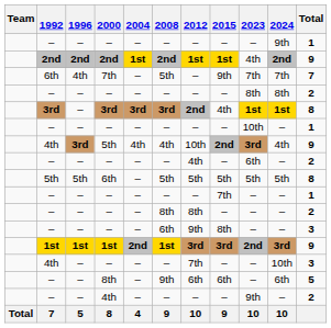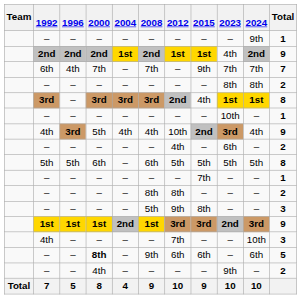 <table class="wikitable" style="text-align:center">
 <tr>
 <th>Team</th>
 <th><br><a href='#'>1992</a></th>
 <th><br><a href='#'>1996</a></th>
 <th><br><a href='#'>2000</a></th>
 <th><br><a href='#'>2004</a></th>
 <th><br><a href='#'>2008</a></th>
 <th><br><a href='#'>2012</a></th>
 <th><br><a href='#'>2015</a></th>
 <th><br><a href='#'>2023</a></th>
 <th><br><a href='#'>2024</a></th>
 <th>Total</th>
 </tr>
 <tr>
 <td align=left></td>
 <td>–</td>
 <td>–</td>
 <td>–</td>
 <td>–</td>
 <td>–</td>
 <td>–</td>
 <td>–</td>
 <td>–</td>
 <td>9th</td>
 <td><strong>1</strong></td>
 </tr>
 <tr>
 <td align=left></td>
 <td bgcolor=silver><strong>2nd</strong></td>
 <td bgcolor=silver><strong>2nd</strong></td>
 <td bgcolor=silver><strong>2nd</strong></td>
 <td bgcolor=gold><strong>1st</strong></td>
 <td bgcolor=silver><strong>2nd</strong></td>
 <td bgcolor=gold><strong>1st</strong></td>
 <td bgcolor=gold><strong>1st</strong></td>
 <td>4th</td>
 <td bgcolor=silver><strong>2nd</strong></td>
 <td><strong>9</strong></td>
 </tr>
 <tr>
 <td align=left></td>
 <td>6th</td>
 <td>4th</td>
 <td>7th</td>
 <td>–</td>
-<td>5th</td>
+<td>7th</td>
 <td>–</td>
 <td>9th</td>
 <td>7th</td>
 <td>7th</td>
 <td><strong>7</strong></td>
 </tr>
 <tr>
 <td align=left></td>
 <td>–</td>
 <td>–</td>
 <td>–</td>
 <td>–</td>
 <td>–</td>
 <td>–</td>
 <td>–</td>
 <td>8th</td>
 <td>8th</td>
 <td><strong>2</strong></td>
 </tr>
 <tr>
 <td align=left></td>
 <td bgcolor=cc9966><strong>3rd</strong></td>
 <td>–</td>
 <td bgcolor=cc9966><strong>3rd</strong></td>
 <td bgcolor=cc9966><strong>3rd</strong></td>
 <td bgcolor=cc9966><strong>3rd</strong></td>
 <td bgcolor=silver><strong>2nd</strong></td>
 <td>4th</td>
 <td bgcolor=gold><strong>1st</strong></td>
 <td bgcolor=gold><strong>1st</strong></td>
 <td><strong>8</strong></td>
 </tr>
 <tr>
 <td align=left></td>
 <td>–</td>
 <td>–</td>
 <td>–</td>
 <td>–</td>
 <td>–</td>
 <td>–</td>
 <td>–</td>
 <td>10th</td>
 <td>–</td>
 <td><strong>1</strong></td>
 </tr>
 <tr>
 <td align=left></td>
 <td>4th</td>
 <td bgcolor=cc9966><strong>3rd</strong></td>
 <td>5th</td>
 <td>4th</td>
 <td>4th</td>
 <td>10th</td>
 <td bgcolor=silver><strong>2nd</strong></td>
 <td bgcolor=cc9966><strong>3rd</strong></td>
 <td>4th</td>
 <td><strong>9</strong></td>
 </tr>
 <tr>
 <td align=left></td>
 <td>–</td>
 <td>–</td>
 <td>–</td>
 <td>–</td>
 <td>–</td>
 <td>4th</td>
 <td>–</td>
 <td>6th</td>
 <td>–</td>
 <td><strong>2</strong></td>
 </tr>
 <tr>
 <td align=left></td>
 <td>5th</td>
 <td>5th</td>
 <td>6th</td>
 <td>–</td>
-<td>5th</td>
+<td>6th</td>
 <td>5th</td>
 <td>5th</td>
 <td>5th</td>
 <td>5th</td>
 <td><strong>8</strong></td>
 </tr>
 <tr>
 <td align=left></td>
 <td>–</td>
 <td>–</td>
 <td>–</td>
 <td>–</td>
 <td>–</td>
 <td>–</td>
 <td>7th</td>
 <td>–</td>
 <td>–</td>
 <td><strong>1</strong></td>
 </tr>
 <tr>
 <td align=left></td>
 <td>–</td>
 <td>–</td>
 <td>–</td>
 <td>–</td>
 <td>8th</td>
 <td>8th</td>
 <td>–</td>
 <td>–</td>
 <td>–</td>
 <td><strong>2</strong></td>
 </tr>
 <tr>
 <td align=left></td>
 <td>–</td>
 <td>–</td>
 <td>–</td>
 <td>–</td>
-<td>6th</td>
+<td>5th</td>
 <td>9th</td>
 <td>8th</td>
 <td>–</td>
 <td>–</td>
 <td><strong>3</strong></td>
 </tr>
 <tr>
 <td align=left></td>
 <td bgcolor=gold><strong>1st</strong></td>
 <td bgcolor=gold><strong>1st</strong></td>
 <td bgcolor=gold><strong>1st</strong></td>
 <td bgcolor=silver><strong>2nd</strong></td>
 <td bgcolor=gold><strong>1st</strong></td>
 <td bgcolor=cc9966><strong>3rd</strong></td>
 <td bgcolor=cc9966><strong>3rd</strong></td>
 <td bgcolor=silver><strong>2nd</strong></td>
 <td bgcolor=cc9966><strong>3rd</strong></td>
 <td><strong>9</strong></td>
 </tr>
 <tr>
 <td align=left></td>
 <td>4th</td>
 <td>–</td>
 <td>–</td>
 <td>–</td>
 <td>–</td>
 <td>7th</td>
 <td>–</td>
 <td>–</td>
 <td>10th</td>
 <td><strong>3</strong></td>
 </tr>
 <tr>
 <td align=left></td>
 <td>–</td>
 <td>–</td>
-<td>8th</td>
+<td><strong>8th</strong></td>
 <td>–</td>
 <td>9th</td>
 <td>6th</td>
 <td>6th</td>
 <td>–</td>
 <td>6th</td>
 <td><strong>5</strong></td>
 </tr>
 <tr>
 <td align=left></td>
 <td>–</td>
 <td>–</td>
 <td>4th</td>
 <td>–</td>
 <td>–</td>
 <td>–</td>
 <td>–</td>
 <td>9th</td>
 <td>–</td>
 <td><strong>2</strong></td>
 </tr>
 <tr>
 <th>Total</th>
 <th>7</th>
 <th>5</th>
 <th>8</th>
 <th>4</th>
 <th>9</th>
 <th>10</th>
 <th>9</th>
 <th>10</th>
 <th>10</th>
 <th></th>
 </tr>
 </table>
